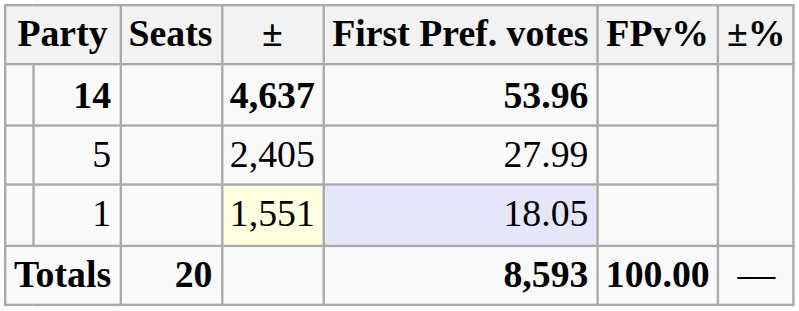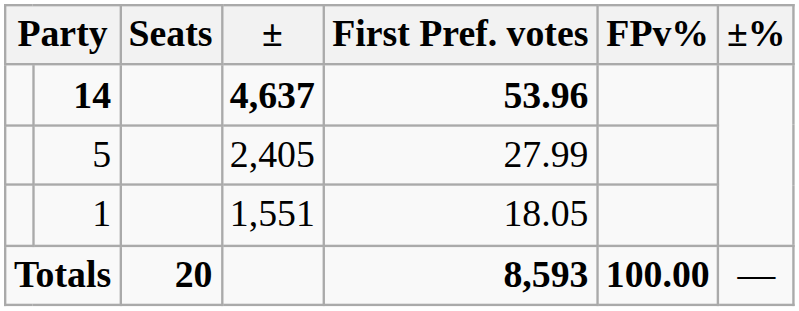 <table class="wikitable" border="1">
 <tr>
 <th colspan="2" align="center">Party</th>
 <th valign="top">Seats</th>
 <th valign="top">±</th>
 <th valign="top">First Pref. votes</th>
 <th valign="top">FPv%</th>
 <th valign="top">±%</th>
 </tr>
 <tr>
 <td></td>
 <td align="right"><strong>14</strong></td>
 <td align="right"></td>
 <td align="right"><strong>4,637</strong></td>
 <td align="right"><strong>53.96</strong></td>
 <td align="right"></td>
 </tr>
 <tr>
 <td></td>
 <td align="right">5</td>
 <td align="right"></td>
 <td align="right">2,405</td>
 <td align="right">27.99</td>
 <td align="right"></td>
 </tr>
 <tr>
 <td></td>
 <td align="right">1</td>
 <td align="right"></td>
-<td align="right" style="background: lightyellow;">1,551</td>
-<td align="right" style="background: lavender;">18.05</td>
+<td align="right">1,551</td>
+<td align="right">18.05</td>
 <td align="right"></td>
 </tr>
 <tr>
 <td colspan="2" align="center"><strong>Totals</strong></td>
 <td align="right"><strong>20</strong></td>
 <td align="center"></td>
 <td align="right"><strong>8,593</strong></td>
 <td align="center"><strong>100.00</strong></td>
 <td align="center">—</td>
 </tr>
 </table>
